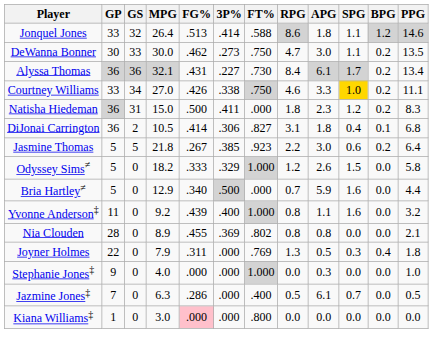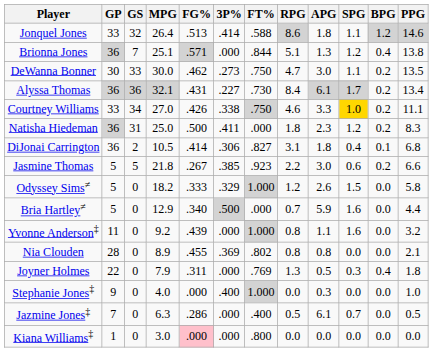 <table class="wikitable sortable" style="text-align:center">
 <tr>
 <th>Player</th>
 <th>GP</th>
 <th>GS</th>
 <th>MPG</th>
 <th>FG%</th>
 <th>3P%</th>
 <th>FT%</th>
 <th>RPG</th>
 <th>APG</th>
 <th>SPG</th>
 <th>BPG</th>
 <th>PPG</th>
 </tr>
 <tr>
 <td><a href='#'>Jonquel Jones</a></td>
 <td>33</td>
 <td>32</td>
 <td>26.4</td>
 <td>.513</td>
 <td>.414</td>
 <td>.588</td>
 <td style="background:#D3D3D3;">8.6</td>
 <td>1.8</td>
 <td>1.1</td>
 <td style="background:#D3D3D3;">1.2</td>
 <td style="background:#D3D3D3;">14.6</td>
+</tr>
+<tr>
+<td><a href='#'>Brionna Jones</a></td>
+<td style="background:#D3D3D3;">36</td>
+<td>7</td>
+<td>25.1</td>
+<td style="background:#D3D3D3;">.571</td>
+<td>.000</td>
+<td>.844</td>
+<td>5.1</td>
+<td>1.3</td>
+<td>1.2</td>
+<td>0.4</td>
+<td>13.8</td>
 </tr>
 <tr>
 <td><a href='#'>DeWanna Bonner</a></td>
 <td>30</td>
 <td>33</td>
 <td>30.0</td>
 <td>.462</td>
 <td>.273</td>
 <td>.750</td>
 <td>4.7</td>
 <td>3.0</td>
 <td>1.1</td>
 <td>0.2</td>
 <td>13.5</td>
 </tr>
 <tr>
 <td><a href='#'>Alyssa Thomas</a></td>
 <td style="background:#D3D3D3;">36</td>
 <td style="background:#D3D3D3;">36</td>
 <td style="background:#D3D3D3;">32.1</td>
 <td>.431</td>
 <td>.227</td>
 <td>.730</td>
 <td>8.4</td>
 <td style="background:#D3D3D3;">6.1</td>
 <td style="background:#D3D3D3;">1.7</td>
 <td>0.2</td>
 <td>13.4</td>
 </tr>
 <tr>
 <td><a href='#'>Courtney Williams</a></td>
 <td>33</td>
 <td>34</td>
 <td>27.0</td>
 <td>.426</td>
 <td>.338</td>
 <td style="background: lightgrey;">.750</td>
 <td>4.6</td>
 <td>3.3</td>
 <td style="background: gold;">1.0</td>
 <td>0.2</td>
 <td>11.1</td>
 </tr>
 <tr>
 <td><a href='#'>Natisha Hiedeman</a></td>
 <td style="background:#D3D3D3;">36</td>
 <td>31</td>
-<td>15.0</td>
+<td>25.0</td>
 <td>.500</td>
 <td>.411</td>
 <td>.000</td>
 <td>1.8</td>
 <td>2.3</td>
 <td>1.2</td>
 <td>0.2</td>
 <td>8.3</td>
 </tr>
 <tr>
 <td><a href='#'>DiJonai Carrington</a></td>
 <td>36</td>
 <td>2</td>
 <td>10.5</td>
 <td>.414</td>
 <td>.306</td>
 <td>.827</td>
 <td>3.1</td>
 <td>1.8</td>
 <td>0.4</td>
 <td>0.1</td>
 <td>6.8</td>
 </tr>
 <tr>
 <td><a href='#'>Jasmine Thomas</a></td>
 <td>5</td>
 <td>5</td>
 <td>21.8</td>
 <td>.267</td>
 <td>.385</td>
 <td>.923</td>
 <td>2.2</td>
 <td>3.0</td>
 <td>0.6</td>
 <td>0.2</td>
-<td>6.4</td>
+<td>6.6</td>
 </tr>
 <tr>
 <td><a href='#'>Odyssey Sims</a><sup>≠</sup></td>
 <td>5</td>
 <td>0</td>
 <td>18.2</td>
 <td>.333</td>
 <td>.329</td>
 <td style="background:#D3D3D3;">1.000</td>
 <td>1.2</td>
 <td>2.6</td>
 <td>1.5</td>
 <td>0.0</td>
 <td>5.8</td>
 </tr>
 <tr>
 <td><a href='#'>Bria Hartley</a><sup>≠</sup></td>
 <td>5</td>
 <td>0</td>
 <td>12.9</td>
 <td>.340</td>
 <td style="background:#D3D3D3;">.500</td>
 <td>.000</td>
 <td>0.7</td>
 <td>5.9</td>
 <td>1.6</td>
 <td>0.0</td>
 <td>4.4</td>
 </tr>
 <tr>
 <td><a href='#'>Yvonne Anderson</a><sup>‡</sup></td>
 <td>11</td>
 <td>0</td>
 <td>9.2</td>
 <td>.439</td>
-<td>.400</td>
+<td>.000</td>
 <td style="background:#D3D3D3;">1.000</td>
 <td>0.8</td>
 <td>1.1</td>
 <td>1.6</td>
 <td>0.0</td>
 <td>3.2</td>
 </tr>
 <tr>
 <td><a href='#'>Nia Clouden</a></td>
 <td>28</td>
 <td>0</td>
 <td>8.9</td>
 <td>.455</td>
 <td>.369</td>
 <td>.802</td>
 <td>0.8</td>
 <td>0.8</td>
 <td>0.0</td>
 <td>0.0</td>
 <td>2.1</td>
 </tr>
 <tr>
 <td><a href='#'>Joyner Holmes</a></td>
 <td>22</td>
 <td>0</td>
 <td>7.9</td>
 <td>.311</td>
 <td>.000</td>
 <td>.769</td>
 <td>1.3</td>
 <td>0.5</td>
 <td>0.3</td>
 <td>0.4</td>
 <td>1.8</td>
 </tr>
 <tr>
 <td><a href='#'>Stephanie Jones</a><sup>‡</sup></td>
 <td>9</td>
 <td>0</td>
 <td>4.0</td>
 <td>.000</td>
-<td>.000</td>
+<td>.400</td>
 <td style="background:#D3D3D3;">1.000</td>
 <td>0.0</td>
 <td>0.3</td>
 <td>0.0</td>
 <td>0.0</td>
 <td>1.0</td>
 </tr>
 <tr>
 <td><a href='#'>Jazmine Jones</a><sup>‡</sup></td>
 <td>7</td>
 <td>0</td>
 <td>6.3</td>
 <td>.286</td>
 <td>.000</td>
 <td>.400</td>
 <td>0.5</td>
 <td>6.1</td>
 <td>0.7</td>
 <td>0.0</td>
 <td>0.5</td>
 </tr>
 <tr>
 <td><a href='#'>Kiana Williams</a><sup>‡</sup></td>
 <td>1</td>
 <td>0</td>
 <td>3.0</td>
 <td style="background: pink;">.000</td>
 <td>.000</td>
 <td>.800</td>
 <td>0.0</td>
 <td>0.0</td>
 <td>0.0</td>
 <td>0.0</td>
 <td>0.0</td>
 </tr>
 </table>
